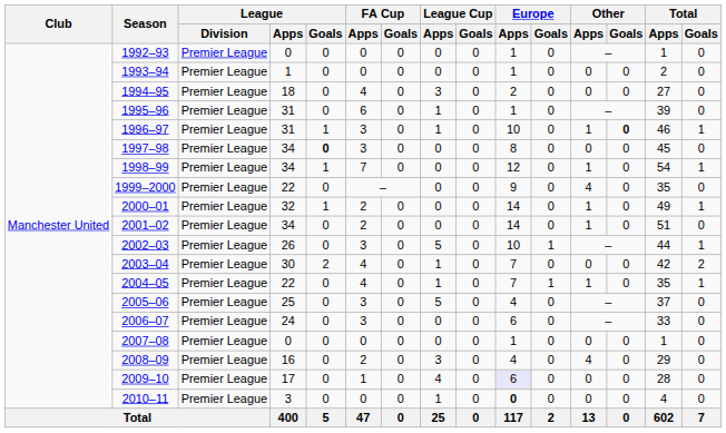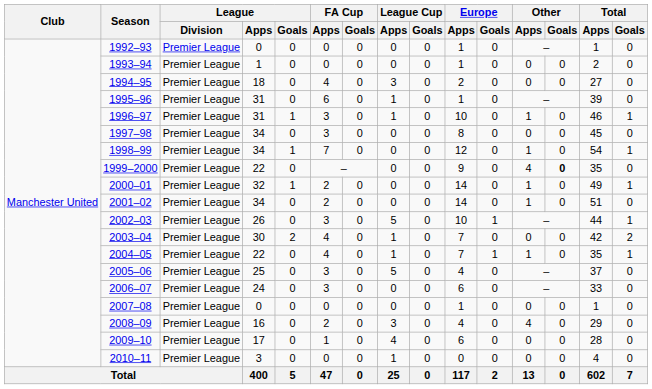 <table class="wikitable" style="text-align:center">
 <tr>
 <th rowspan="2">Club</th>
 <th rowspan="2">Season</th>
 <th colspan="3">League</th>
 <th colspan="2">FΑ Cup</th>
 <th colspan="2">League Cup</th>
 <th colspan="2"><a href='#'>Europe</a></th>
 <th colspan="2">Other</th>
 <th colspan="2">Total</th>
 </tr>
 <tr>
 <th>Division</th>
 <th>Apps</th>
 <th>Goals</th>
 <th>Apps</th>
 <th>Goals</th>
 <th>Apps</th>
 <th>Goals</th>
 <th>Apps</th>
 <th>Goals</th>
 <th>Apps</th>
 <th>Goals</th>
 <th>Apps</th>
 <th>Goals</th>
 </tr>
 <tr>
 <td rowspan="19"><a href='#'>Manchester United</a></td>
 <td><a href='#'>1992–93</a></td>
 <td><a href='#'>Premier League</a></td>
 <td>0</td>
 <td>0</td>
 <td>0</td>
 <td>0</td>
 <td>0</td>
 <td>0</td>
 <td>1</td>
 <td>0</td>
 <td colspan="2">–</td>
 <td>1</td>
 <td>0</td>
 </tr>
 <tr>
 <td><a href='#'>1993–94</a></td>
 <td>Premier League</td>
 <td>1</td>
 <td>0</td>
 <td>0</td>
 <td>0</td>
 <td>0</td>
 <td>0</td>
 <td>1</td>
 <td>0</td>
 <td>0</td>
 <td>0</td>
 <td>2</td>
 <td>0</td>
 </tr>
 <tr>
 <td><a href='#'>1994–95</a></td>
 <td>Premier League</td>
 <td>18</td>
 <td>0</td>
 <td>4</td>
 <td>0</td>
 <td>3</td>
 <td>0</td>
 <td>2</td>
 <td>0</td>
 <td>0</td>
 <td>0</td>
 <td>27</td>
 <td>0</td>
 </tr>
 <tr>
 <td><a href='#'>1995–96</a></td>
 <td>Premier League</td>
 <td>31</td>
 <td>0</td>
 <td>6</td>
 <td>0</td>
 <td>1</td>
 <td>0</td>
 <td>1</td>
 <td>0</td>
 <td colspan="2">–</td>
 <td>39</td>
 <td>0</td>
 </tr>
 <tr>
 <td><a href='#'>1996–97</a></td>
 <td>Premier League</td>
 <td>31</td>
 <td>1</td>
 <td>3</td>
 <td>0</td>
 <td>1</td>
 <td>0</td>
 <td>10</td>
 <td>0</td>
 <td>1</td>
-<td><strong>0</strong></td>
+<td>0</td>
 <td>46</td>
 <td>1</td>
 </tr>
 <tr>
 <td><a href='#'>1997–98</a></td>
 <td>Premier League</td>
 <td>34</td>
-<td><strong>0</strong></td>
+<td>0</td>
 <td>3</td>
 <td>0</td>
 <td>0</td>
 <td>0</td>
 <td>8</td>
 <td>0</td>
 <td>0</td>
 <td>0</td>
 <td>45</td>
 <td>0</td>
 </tr>
 <tr>
 <td><a href='#'>1998–99</a></td>
 <td>Premier League</td>
 <td>34</td>
 <td>1</td>
 <td>7</td>
 <td>0</td>
 <td>0</td>
 <td>0</td>
 <td>12</td>
 <td>0</td>
 <td>1</td>
 <td>0</td>
 <td>54</td>
 <td>1</td>
 </tr>
 <tr>
 <td><a href='#'>1999–2000</a></td>
 <td>Premier League</td>
 <td>22</td>
 <td>0</td>
 <td colspan="2">–</td>
 <td>0</td>
 <td>0</td>
 <td>9</td>
 <td>0</td>
 <td>4</td>
-<td>0</td>
+<td><strong>0</strong></td>
 <td>35</td>
 <td>0</td>
 </tr>
 <tr>
 <td><a href='#'>2000–01</a></td>
 <td>Premier League</td>
 <td>32</td>
 <td>1</td>
 <td>2</td>
 <td>0</td>
 <td>0</td>
 <td>0</td>
 <td>14</td>
 <td>0</td>
 <td>1</td>
 <td>0</td>
 <td>49</td>
 <td>1</td>
 </tr>
 <tr>
 <td><a href='#'>2001–02</a></td>
 <td>Premier League</td>
 <td>34</td>
 <td>0</td>
 <td>2</td>
 <td>0</td>
 <td>0</td>
 <td>0</td>
 <td>14</td>
 <td>0</td>
 <td>1</td>
 <td>0</td>
 <td>51</td>
 <td>0</td>
 </tr>
 <tr>
 <td><a href='#'>2002–03</a></td>
 <td>Premier League</td>
 <td>26</td>
 <td>0</td>
 <td>3</td>
 <td>0</td>
 <td>5</td>
 <td>0</td>
 <td>10</td>
 <td>1</td>
 <td colspan="2">–</td>
 <td>44</td>
 <td>1</td>
 </tr>
 <tr>
 <td><a href='#'>2003–04</a></td>
 <td>Premier League</td>
 <td>30</td>
 <td>2</td>
 <td>4</td>
 <td>0</td>
 <td>1</td>
 <td>0</td>
 <td>7</td>
 <td>0</td>
 <td>0</td>
 <td>0</td>
 <td>42</td>
 <td>2</td>
 </tr>
 <tr>
 <td><a href='#'>2004–05</a></td>
 <td>Premier League</td>
 <td>22</td>
 <td>0</td>
 <td>4</td>
 <td>0</td>
 <td>1</td>
 <td>0</td>
 <td>7</td>
 <td>1</td>
 <td>1</td>
 <td>0</td>
 <td>35</td>
 <td>1</td>
 </tr>
 <tr>
 <td><a href='#'>2005–06</a></td>
 <td>Premier League</td>
 <td>25</td>
 <td>0</td>
 <td>3</td>
 <td>0</td>
 <td>5</td>
 <td>0</td>
 <td>4</td>
 <td>0</td>
 <td colspan="2">–</td>
 <td>37</td>
 <td>0</td>
 </tr>
 <tr>
 <td><a href='#'>2006–07</a></td>
 <td>Premier League</td>
 <td>24</td>
 <td>0</td>
 <td>3</td>
 <td>0</td>
 <td>0</td>
 <td>0</td>
 <td>6</td>
 <td>0</td>
 <td colspan="2">–</td>
 <td>33</td>
 <td>0</td>
 </tr>
 <tr>
 <td><a href='#'>2007–08</a></td>
 <td>Premier League</td>
 <td>0</td>
 <td>0</td>
 <td>0</td>
 <td>0</td>
 <td>0</td>
 <td>0</td>
 <td>1</td>
 <td>0</td>
 <td>0</td>
 <td>0</td>
 <td>1</td>
 <td>0</td>
 </tr>
 <tr>
 <td><a href='#'>2008–09</a></td>
 <td>Premier League</td>
 <td>16</td>
 <td>0</td>
 <td>2</td>
 <td>0</td>
 <td>3</td>
 <td>0</td>
 <td>4</td>
 <td>0</td>
 <td>4</td>
 <td>0</td>
 <td>29</td>
 <td>0</td>
 </tr>
 <tr>
 <td><a href='#'>2009–10</a></td>
 <td>Premier League</td>
 <td>17</td>
 <td>0</td>
 <td>1</td>
 <td>0</td>
 <td>4</td>
 <td>0</td>
-<td style="background: lavender;">6</td>
+<td>6</td>
 <td>0</td>
 <td>0</td>
 <td>0</td>
 <td>28</td>
 <td>0</td>
 </tr>
 <tr>
 <td><a href='#'>2010–11</a></td>
 <td>Premier League</td>
 <td>3</td>
 <td>0</td>
 <td>0</td>
 <td>0</td>
 <td>1</td>
 <td>0</td>
-<td><strong>0</strong></td>
+<td>0</td>
 <td>0</td>
 <td>0</td>
 <td>0</td>
 <td>4</td>
 <td>0</td>
 </tr>
 <tr>
 <th colspan="3">Total</th>
 <th>400</th>
 <th>5</th>
 <th>47</th>
 <th>0</th>
 <th>25</th>
 <th>0</th>
 <th>117</th>
 <th>2</th>
 <th>13</th>
 <th>0</th>
 <th>602</th>
 <th>7</th>
 </tr>
 </table>
